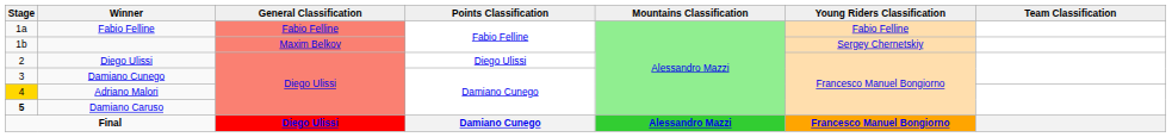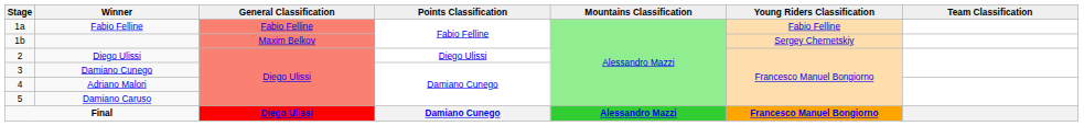 <table class="wikitable" style="text-align: center; font-size:smaller;">
 <tr>
 <th width="1%">Stage</th>
 <th width="14%">Winner</th>
 <th style="background:#EFEFEF;" width="15%">General Classification<br></th>
 <th style="background:#EFEFEF;" width="15%">Points Classification<br></th>
 <th style="background:#EFEFEF;" width="15%">Mountains Classification<br></th>
 <th style="background:#EFEFEF;" width="15%">Young Riders Classification<br></th>
 <th style="background:#EFEFEF;" width="15%">Team Classification</th>
 </tr>
 <tr>
 <td>1a</td>
 <td><a href='#'>Fabio Felline</a></td>
 <td style="background-color:salmon;"><a href='#'>Fabio Felline</a></td>
 <td style="background-color:white;" rowspan=2><a href='#'>Fabio Felline</a></td>
 <td style="background-color:lightgreen;" rowspan=6><a href='#'>Alessandro Mazzi</a></td>
 <td style="background-color:navajowhite;"><a href='#'>Fabio Felline</a></td>
 <td style="background-color:white;"></td>
 </tr>
 <tr>
 <td>1b</td>
 <td></td>
 <td style="background-color:salmon;"><a href='#'>Maxim Belkov</a></td>
 <td style="background-color:navajowhite;"><a href='#'>Sergey Chernetskiy</a></td>
 <td style="background-color:white;"></td>
 </tr>
 <tr>
 <td>2</td>
 <td><a href='#'>Diego Ulissi</a></td>
 <td style="background-color:salmon;" rowspan=4><a href='#'>Diego Ulissi</a></td>
 <td style="background-color:white;"><a href='#'>Diego Ulissi</a></td>
 <td style="background-color:navajowhite;" rowspan=4><a href='#'>Francesco Manuel Bongiorno</a></td>
 <td style="background-color:white;" rowspan=2></td>
 </tr>
 <tr>
 <td>3</td>
 <td><a href='#'>Damiano Cunego</a></td>
 <td style="background-color:white;" rowspan=3><a href='#'>Damiano Cunego</a></td>
 </tr>
 <tr>
-<td style="background: gold;">4</td>
+<td>4</td>
 <td><a href='#'>Adriano Malori</a></td>
 <td style="background-color:white;" rowspan=2></td>
 </tr>
 <tr>
-<td><strong>5</strong></td>
+<td>5</td>
 <td><a href='#'>Damiano Caruso</a></td>
 </tr>
 <tr>
 <td colspan="2"><strong>Final</strong></td>
 <th style="background-color:red;"><a href='#'>Diego Ulissi</a></th>
 <th style="background-color:offwhite;"><a href='#'>Damiano Cunego</a></th>
 <th style="background-color:limegreen;"><a href='#'>Alessandro Mazzi</a></th>
 <th style="background-color:orange;"><a href='#'>Francesco Manuel Bongiorno</a></th>
 <th style="background-color:offwhite;"></th>
 </tr>
 </table>
